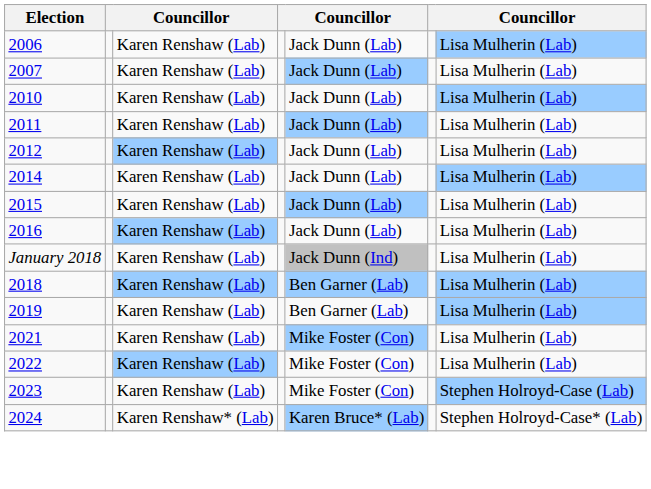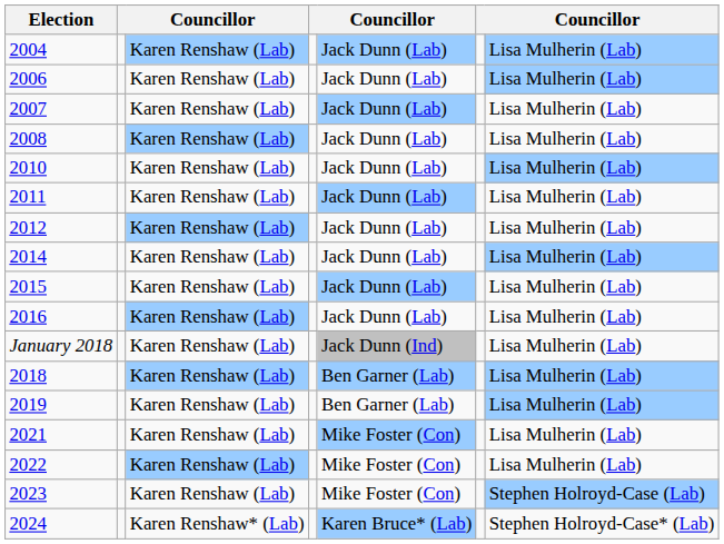 <table class="wikitable">
 <tr>
 <th>Election</th>
 <th colspan="2">Councillor</th>
 <th colspan="2">Councillor</th>
 <th colspan="2">Councillor</th>
+</tr>
+<tr>
+<td><a href='#'>2004</a></td>
+<td style="background-color: "></td>
+<td bgcolor="#99CCFF">Karen Renshaw (<a href='#'>Lab</a>)</td>
+<td style="background-color: "></td>
+<td bgcolor="#99CCFF">Jack Dunn (<a href='#'>Lab</a>)</td>
+<td style="background-color: "></td>
+<td bgcolor="#99CCFF">Lisa Mulherin (<a href='#'>Lab</a>)</td>
 </tr>
 <tr>
 <td><a href='#'>2006</a></td>
 <td style="background-color: "></td>
 <td>Karen Renshaw (<a href='#'>Lab</a>)</td>
 <td style="background-color: "></td>
 <td>Jack Dunn (<a href='#'>Lab</a>)</td>
 <td style="background-color: "></td>
 <td bgcolor="#99CCFF">Lisa Mulherin (<a href='#'>Lab</a>)</td>
 </tr>
 <tr>
 <td><a href='#'>2007</a></td>
 <td style="background-color: "></td>
 <td>Karen Renshaw (<a href='#'>Lab</a>)</td>
 <td style="background-color: "></td>
 <td bgcolor="#99CCFF">Jack Dunn (<a href='#'>Lab</a>)</td>
+<td style="background-color: "></td>
+<td>Lisa Mulherin (<a href='#'>Lab</a>)</td>
+</tr>
+<tr>
+<td><a href='#'>2008</a></td>
+<td style="background-color: "></td>
+<td bgcolor="#99CCFF">Karen Renshaw (<a href='#'>Lab</a>)</td>
+<td style="background-color: "></td>
+<td>Jack Dunn (<a href='#'>Lab</a>)</td>
 <td style="background-color: "></td>
 <td>Lisa Mulherin (<a href='#'>Lab</a>)</td>
 </tr>
 <tr>
 <td><a href='#'>2010</a></td>
 <td style="background-color: "></td>
 <td>Karen Renshaw (<a href='#'>Lab</a>)</td>
 <td style="background-color: "></td>
 <td>Jack Dunn (<a href='#'>Lab</a>)</td>
 <td style="background-color: "></td>
 <td bgcolor="#99CCFF">Lisa Mulherin (<a href='#'>Lab</a>)</td>
 </tr>
 <tr>
 <td><a href='#'>2011</a></td>
 <td style="background-color: "></td>
 <td>Karen Renshaw (<a href='#'>Lab</a>)</td>
 <td style="background-color: "></td>
 <td bgcolor="#99CCFF">Jack Dunn (<a href='#'>Lab</a>)</td>
 <td style="background-color: "></td>
 <td>Lisa Mulherin (<a href='#'>Lab</a>)</td>
 </tr>
 <tr>
 <td><a href='#'>2012</a></td>
 <td style="background-color: "></td>
 <td bgcolor="#99CCFF">Karen Renshaw (<a href='#'>Lab</a>)</td>
 <td style="background-color: "></td>
 <td>Jack Dunn (<a href='#'>Lab</a>)</td>
 <td style="background-color: "></td>
 <td>Lisa Mulherin (<a href='#'>Lab</a>)</td>
 </tr>
 <tr>
 <td><a href='#'>2014</a></td>
 <td style="background-color: "></td>
 <td>Karen Renshaw (<a href='#'>Lab</a>)</td>
 <td style="background-color: "></td>
 <td>Jack Dunn (<a href='#'>Lab</a>)</td>
 <td style="background-color: "></td>
 <td bgcolor="#99CCFF">Lisa Mulherin (<a href='#'>Lab</a>)</td>
 </tr>
 <tr>
 <td><a href='#'>2015</a></td>
 <td style="background-color: "></td>
 <td>Karen Renshaw (<a href='#'>Lab</a>)</td>
 <td style="background-color: "></td>
 <td bgcolor="#99CCFF">Jack Dunn (<a href='#'>Lab</a>)</td>
 <td style="background-color: "></td>
 <td>Lisa Mulherin (<a href='#'>Lab</a>)</td>
 </tr>
 <tr>
 <td><a href='#'>2016</a></td>
 <td style="background-color: "></td>
 <td bgcolor="#99CCFF">Karen Renshaw (<a href='#'>Lab</a>)</td>
 <td style="background-color: "></td>
 <td>Jack Dunn (<a href='#'>Lab</a>)</td>
 <td style="background-color: "></td>
 <td>Lisa Mulherin (<a href='#'>Lab</a>)</td>
 </tr>
 <tr>
 <td><em>January 2018</em></td>
 <td style="background-color: "></td>
 <td>Karen Renshaw (<a href='#'>Lab</a>)</td>
 <td style="background-color: "></td>
 <td bgcolor="#C0C0C0">Jack Dunn (<a href='#'>Ind</a>)</td>
 <td style="background-color: "></td>
 <td>Lisa Mulherin (<a href='#'>Lab</a>)</td>
 </tr>
 <tr>
 <td><a href='#'>2018</a></td>
 <td style="background-color: "></td>
 <td bgcolor="#99CCFF">Karen Renshaw (<a href='#'>Lab</a>)</td>
 <td style="background-color: "></td>
 <td bgcolor="#99CCFF">Ben Garner (<a href='#'>Lab</a>)<br></td>
 <td style="background-color: "></td>
 <td bgcolor="#99CCFF">Lisa Mulherin (<a href='#'>Lab</a>)</td>
 </tr>
 <tr>
 <td><a href='#'>2019</a></td>
 <td style="background-color: "></td>
 <td>Karen Renshaw (<a href='#'>Lab</a>)</td>
 <td style="background-color: "></td>
 <td>Ben Garner (<a href='#'>Lab</a>)</td>
 <td style="background-color: "></td>
 <td bgcolor="#99CCFF">Lisa Mulherin (<a href='#'>Lab</a>)</td>
 </tr>
 <tr>
 <td><a href='#'>2021</a></td>
 <td style="background-color: "></td>
 <td>Karen Renshaw (<a href='#'>Lab</a>)</td>
 <td style="background-color: "></td>
 <td bgcolor="#99CCFF">Mike Foster (<a href='#'>Con</a>)</td>
 <td style="background-color: "></td>
 <td>Lisa Mulherin (<a href='#'>Lab</a>)</td>
 </tr>
 <tr>
 <td><a href='#'>2022</a></td>
 <td style="background-color: "></td>
 <td bgcolor="#99CCFF">Karen Renshaw (<a href='#'>Lab</a>)</td>
 <td style="background-color: "></td>
 <td>Mike Foster (<a href='#'>Con</a>)</td>
 <td style="background-color: "></td>
 <td>Lisa Mulherin (<a href='#'>Lab</a>)</td>
 </tr>
 <tr>
 <td><a href='#'>2023</a></td>
 <td style="background-color: "></td>
 <td>Karen Renshaw (<a href='#'>Lab</a>)</td>
 <td style="background-color: "></td>
 <td>Mike Foster (<a href='#'>Con</a>)</td>
 <td style="background-color: "></td>
 <td bgcolor="#99CCFF">Stephen Holroyd-Case (<a href='#'>Lab</a>)</td>
 </tr>
 <tr>
 <td><a href='#'>2024</a></td>
 <td style="background-color: "></td>
 <td>Karen Renshaw* (<a href='#'>Lab</a>)</td>
 <td style="background-color: "></td>
 <td bgcolor="#99CCFF">Karen Bruce* (<a href='#'>Lab</a>)</td>
 <td style="background-color: "></td>
 <td>Stephen Holroyd-Case* (<a href='#'>Lab</a>)</td>
 </tr>
 </table>
